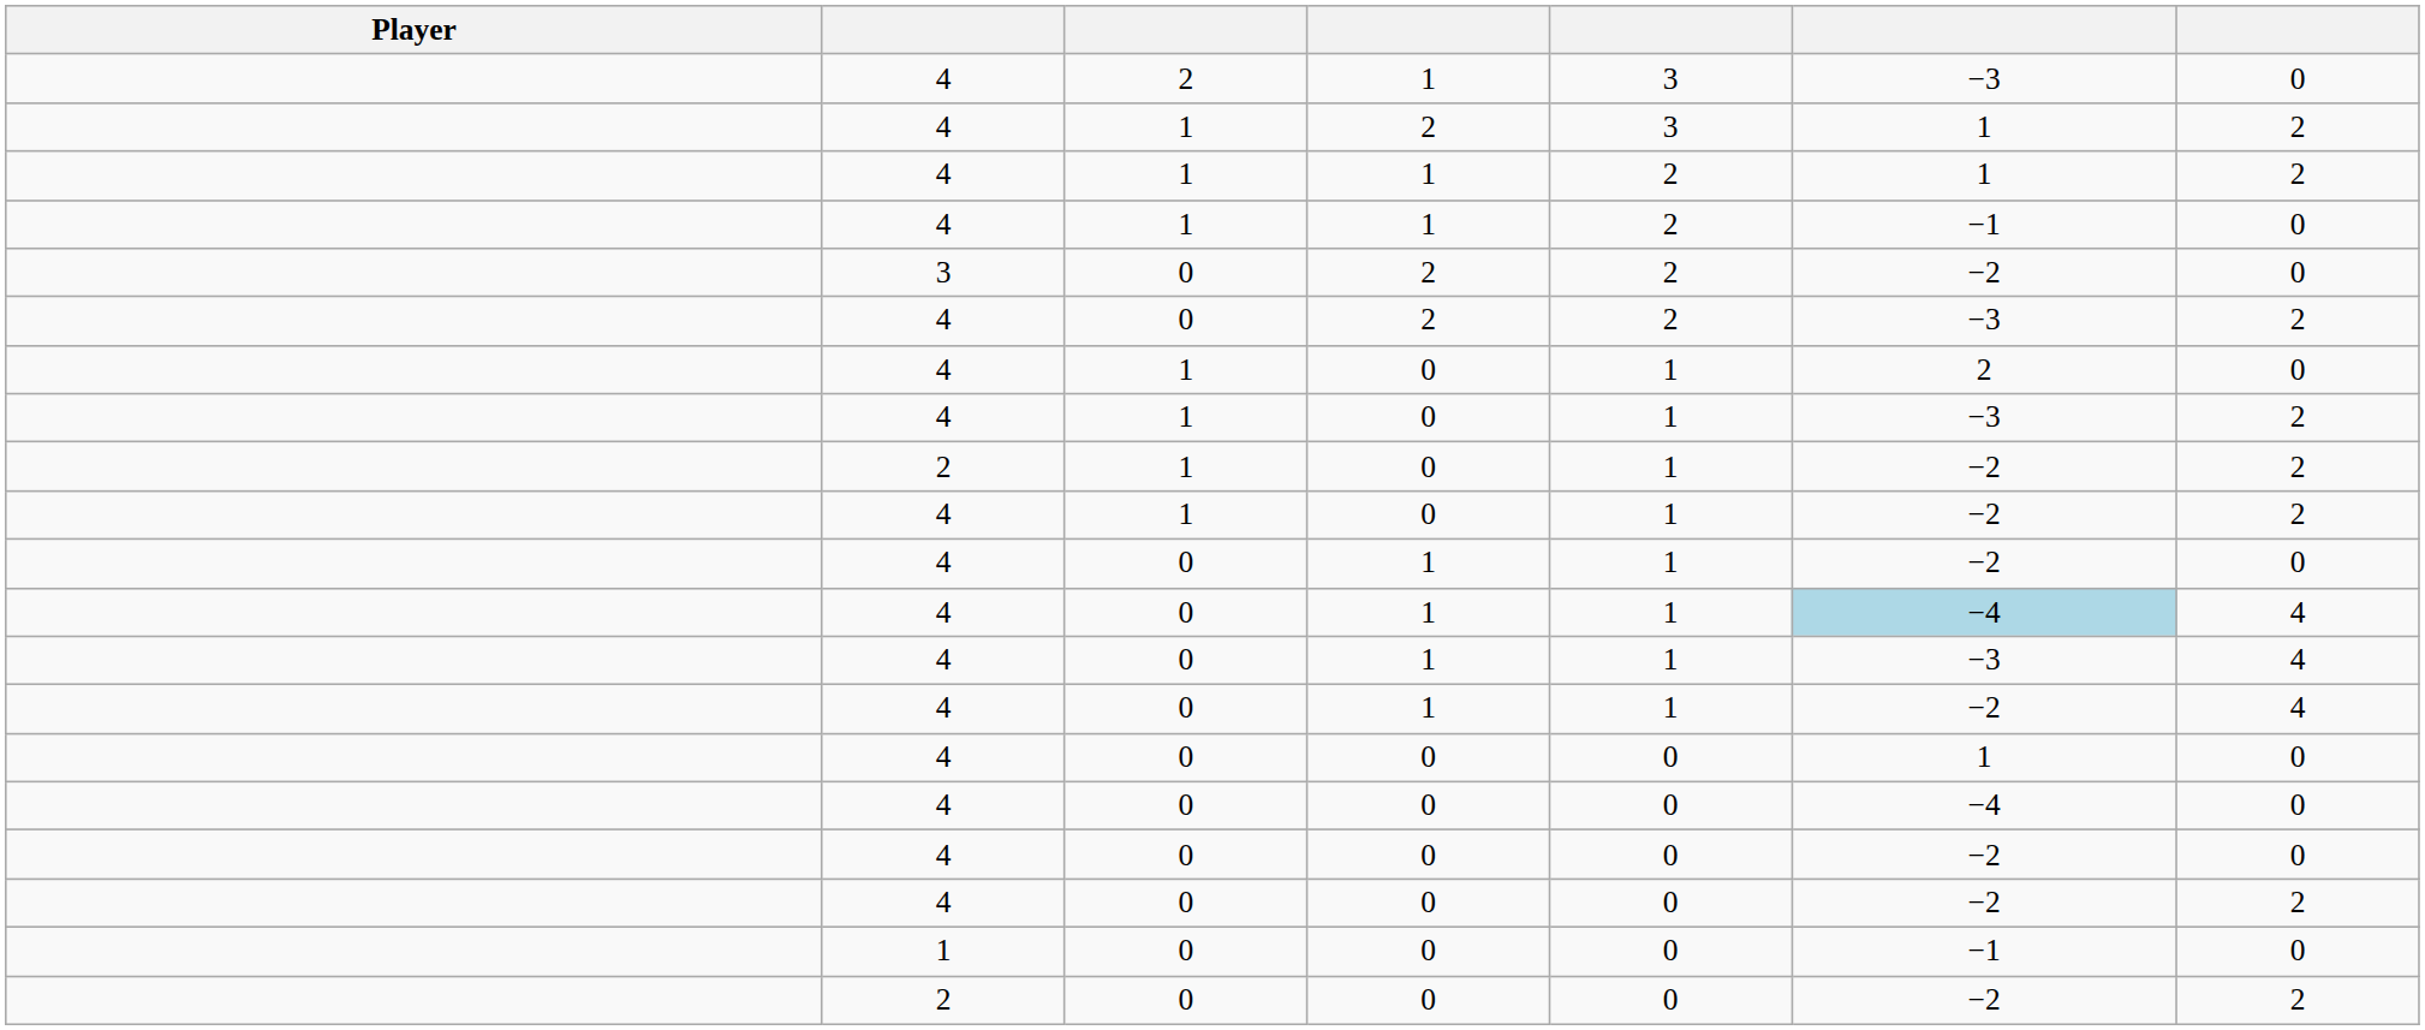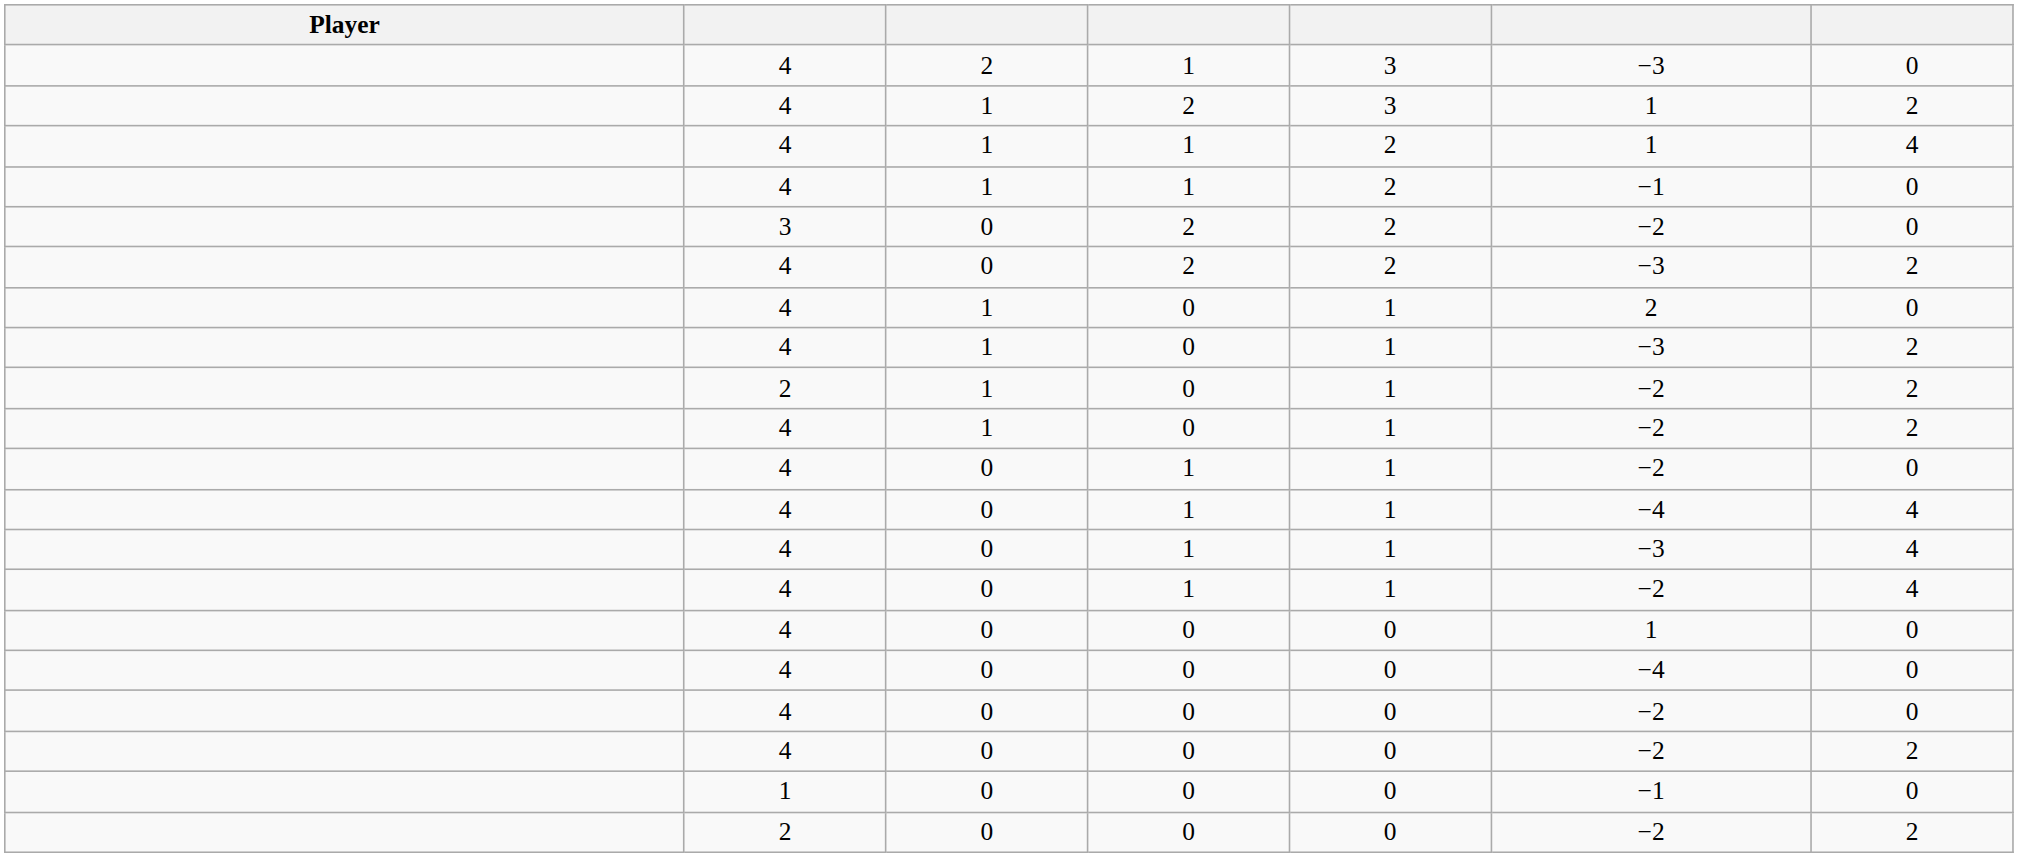 <table class="wikitable sortable" style="width:100%; text-align:center;">
 <tr align=center>
 <th>Player</th>
 <th></th>
 <th></th>
 <th></th>
 <th></th>
 <th data-sort-type="number"></th>
 <th></th>
 </tr>
 <tr>
 <td></td>
 <td>4</td>
 <td>2</td>
 <td>1</td>
 <td>3</td>
 <td>−3</td>
 <td>0</td>
 </tr>
 <tr>
 <td></td>
 <td>4</td>
 <td>1</td>
 <td>2</td>
 <td>3</td>
 <td>1</td>
 <td>2</td>
 </tr>
 <tr>
 <td></td>
 <td>4</td>
 <td>1</td>
 <td>1</td>
 <td>2</td>
 <td>1</td>
-<td>2</td>
+<td>4</td>
 </tr>
 <tr>
 <td></td>
 <td>4</td>
 <td>1</td>
 <td>1</td>
 <td>2</td>
 <td>−1</td>
 <td>0</td>
 </tr>
 <tr>
 <td></td>
 <td>3</td>
 <td>0</td>
 <td>2</td>
 <td>2</td>
 <td>−2</td>
 <td>0</td>
 </tr>
 <tr>
 <td></td>
 <td>4</td>
 <td>0</td>
 <td>2</td>
 <td>2</td>
 <td>−3</td>
 <td>2</td>
 </tr>
 <tr>
 <td></td>
 <td>4</td>
 <td>1</td>
 <td>0</td>
 <td>1</td>
 <td>2</td>
 <td>0</td>
 </tr>
 <tr>
 <td></td>
 <td>4</td>
 <td>1</td>
 <td>0</td>
 <td>1</td>
 <td>−3</td>
 <td>2</td>
 </tr>
 <tr>
 <td></td>
 <td>2</td>
 <td>1</td>
 <td>0</td>
 <td>1</td>
 <td>−2</td>
 <td>2</td>
 </tr>
 <tr>
 <td></td>
 <td>4</td>
 <td>1</td>
 <td>0</td>
 <td>1</td>
 <td>−2</td>
 <td>2</td>
 </tr>
 <tr>
 <td></td>
 <td>4</td>
 <td>0</td>
 <td>1</td>
 <td>1</td>
 <td>−2</td>
 <td>0</td>
 </tr>
 <tr>
 <td></td>
 <td>4</td>
 <td>0</td>
 <td>1</td>
 <td>1</td>
-<td style="background: lightblue;">−4</td>
+<td>−4</td>
 <td>4</td>
 </tr>
 <tr>
 <td></td>
 <td>4</td>
 <td>0</td>
 <td>1</td>
 <td>1</td>
 <td>−3</td>
 <td>4</td>
 </tr>
 <tr>
 <td></td>
 <td>4</td>
 <td>0</td>
 <td>1</td>
 <td>1</td>
 <td>−2</td>
 <td>4</td>
 </tr>
 <tr>
 <td></td>
 <td>4</td>
 <td>0</td>
 <td>0</td>
 <td>0</td>
 <td>1</td>
 <td>0</td>
 </tr>
 <tr>
 <td></td>
 <td>4</td>
 <td>0</td>
 <td>0</td>
 <td>0</td>
 <td>−4</td>
 <td>0</td>
 </tr>
 <tr>
 <td></td>
 <td>4</td>
 <td>0</td>
 <td>0</td>
 <td>0</td>
 <td>−2</td>
 <td>0</td>
 </tr>
 <tr>
 <td></td>
 <td>4</td>
 <td>0</td>
 <td>0</td>
 <td>0</td>
 <td>−2</td>
 <td>2</td>
 </tr>
 <tr>
 <td></td>
 <td>1</td>
 <td>0</td>
 <td>0</td>
 <td>0</td>
 <td>−1</td>
 <td>0</td>
 </tr>
 <tr>
 <td></td>
 <td>2</td>
 <td>0</td>
 <td>0</td>
 <td>0</td>
 <td>−2</td>
 <td>2</td>
 </tr>
 </table>
